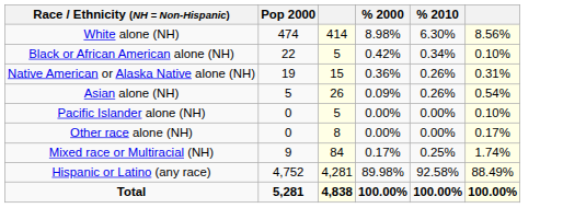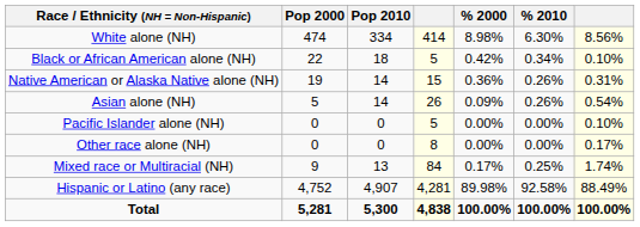 <table class="wikitable" style="text-align:center;">
 <tr>
 <th>Race / Ethnicity <small>(<em>NH = Non-Hispanic</em>)</small></th>
 <th>Pop 2000</th>
+<th>Pop 2010</th>
 <th></th>
 <th>% 2000</th>
 <th>% 2010</th>
 <th></th>
 </tr>
 <tr>
 <td><a href='#'>White</a> alone (NH)</td>
 <td>474</td>
+<td>334</td>
 <td style='background: #ffffe6;'>414</td>
 <td>8.98%</td>
 <td>6.30%</td>
 <td style='background: #ffffe6;'>8.56%</td>
 </tr>
 <tr>
 <td><a href='#'>Black or African American</a> alone (NH)</td>
 <td>22</td>
+<td>18</td>
 <td style='background: #ffffe6;'>5</td>
 <td>0.42%</td>
 <td>0.34%</td>
 <td style='background: #ffffe6;'>0.10%</td>
 </tr>
 <tr>
 <td><a href='#'>Native American</a> or <a href='#'>Alaska Native</a> alone (NH)</td>
 <td>19</td>
+<td>14</td>
 <td style='background: #ffffe6;'>15</td>
 <td>0.36%</td>
 <td>0.26%</td>
 <td style='background: #ffffe6;'>0.31%</td>
 </tr>
 <tr>
 <td><a href='#'>Asian</a> alone (NH)</td>
 <td>5</td>
+<td>14</td>
 <td style='background: #ffffe6;'>26</td>
 <td>0.09%</td>
 <td>0.26%</td>
 <td style='background: #ffffe6;'>0.54%</td>
 </tr>
 <tr>
 <td><a href='#'>Pacific Islander</a> alone (NH)</td>
+<td>0</td>
 <td>0</td>
 <td style='background: #ffffe6;'>5</td>
 <td>0.00%</td>
 <td>0.00%</td>
 <td style='background: #ffffe6;'>0.10%</td>
 </tr>
 <tr>
 <td><a href='#'>Other race</a> alone (NH)</td>
 <td>0</td>
+<td>0</td>
 <td style='background: #ffffe6;'>8</td>
 <td>0.00%</td>
 <td>0.00%</td>
 <td style='background: #ffffe6;'>0.17%</td>
 </tr>
 <tr>
 <td><a href='#'>Mixed race or Multiracial</a> (NH)</td>
 <td>9</td>
+<td>13</td>
 <td style='background: #ffffe6;'>84</td>
 <td>0.17%</td>
 <td>0.25%</td>
 <td style='background: #ffffe6;'>1.74%</td>
 </tr>
 <tr>
 <td><a href='#'>Hispanic or Latino</a> (any race)</td>
 <td>4,752</td>
+<td>4,907</td>
 <td style='background: #ffffe6;'>4,281</td>
 <td>89.98%</td>
 <td>92.58%</td>
 <td style='background: #ffffe6;'>88.49%</td>
 </tr>
 <tr>
 <td><strong>Total</strong></td>
 <td><strong>5,281</strong></td>
+<td><strong>5,300</strong></td>
 <td style='background: #ffffe6;'><strong>4,838</strong></td>
 <td><strong>100.00%</strong></td>
 <td><strong>100.00%</strong></td>
 <td style='background: #ffffe6;'><strong>100.00%</strong></td>
 </tr>
 </table>
